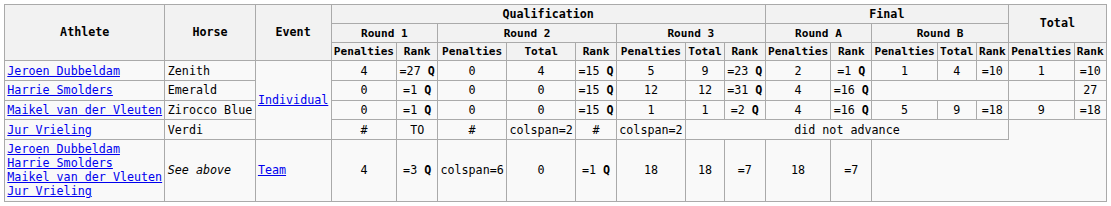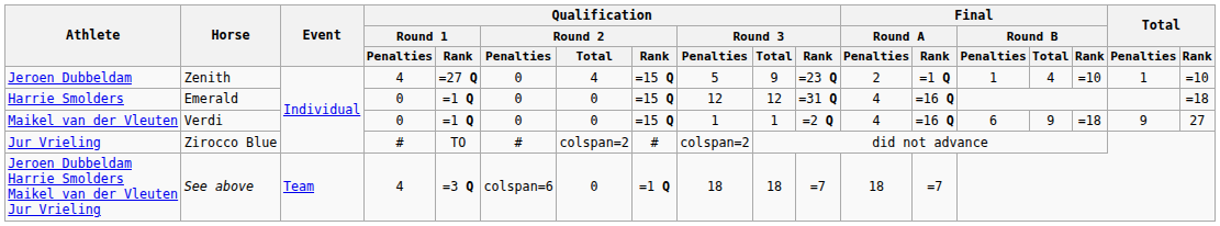 <table class="wikitable" style="font-size:90%">
 <tr>
 <th rowspan=3>Athlete</th>
 <th rowspan=3>Horse</th>
 <th rowspan=3>Event</th>
 <th colspan=8>Qualification</th>
 <th colspan=5>Final</th>
 <th rowspan=2 colspan=2>Total</th>
 </tr>
 <tr style="font-size:95%">
 <th colspan=2>Round 1</th>
 <th colspan=3>Round 2</th>
 <th colspan=3>Round 3</th>
 <th colspan=2>Round A</th>
 <th colspan=3>Round B</th>
 </tr>
 <tr style="font-size:95%">
 <th>Penalties</th>
 <th>Rank</th>
 <th>Penalties</th>
 <th>Total</th>
 <th>Rank</th>
 <th>Penalties</th>
 <th>Total</th>
 <th>Rank</th>
 <th>Penalties</th>
 <th>Rank</th>
 <th>Penalties</th>
 <th>Total</th>
 <th>Rank</th>
 <th>Penalties</th>
 <th>Rank</th>
 </tr>
 <tr align=center>
 <td align=left><a href='#'>Jeroen Dubbeldam</a></td>
 <td align=left>Zenith</td>
 <td align=left rowspan=4><a href='#'>Individual</a></td>
 <td>4</td>
 <td>=27 <strong>Q</strong></td>
 <td>0</td>
 <td>4</td>
 <td>=15 <strong>Q</strong></td>
 <td>5</td>
 <td>9</td>
 <td>=23 <strong>Q</strong></td>
 <td>2</td>
 <td>=1 <strong>Q</strong></td>
 <td>1</td>
 <td>4</td>
 <td>=10</td>
 <td>1</td>
 <td>=10</td>
 </tr>
 <tr align=center>
 <td align=left><a href='#'>Harrie Smolders</a></td>
 <td align=left>Emerald</td>
 <td>0</td>
 <td>=1 <strong>Q</strong></td>
 <td>0</td>
 <td>0</td>
 <td>=15 <strong>Q</strong></td>
 <td>12</td>
 <td>12</td>
 <td>=31 <strong>Q</strong></td>
 <td>4</td>
 <td>=16 <strong>Q</strong></td>
 <td colspan=3></td>
 <td></td>
-<td>27</td>
+<td>=18</td>
 </tr>
 <tr align=center>
 <td align=left><a href='#'>Maikel van der Vleuten</a></td>
-<td align=left>Zirocco Blue</td>
+<td align=left>Verdi</td>
 <td>0</td>
 <td>=1 <strong>Q</strong></td>
 <td>0</td>
 <td>0</td>
 <td>=15 <strong>Q</strong></td>
 <td>1</td>
 <td>1</td>
 <td>=2 <strong>Q</strong></td>
 <td>4</td>
 <td>=16 <strong>Q</strong></td>
-<td>5</td>
+<td>6</td>
 <td>9</td>
 <td>=18</td>
 <td>9</td>
-<td>=18</td>
+<td>27</td>
 </tr>
 <tr align=center>
 <td align=left><a href='#'>Jur Vrieling</a></td>
-<td align=left>Verdi</td>
+<td align=left>Zirocco Blue</td>
 <td> #</td>
 <td>TO</td>
 <td> #</td>
 <td>colspan=2 </td>
 <td> #</td>
 <td>colspan=2 </td>
 <td colspan=7>did not advance</td>
 </tr>
 <tr align=center>
 <td align=left><a href='#'>Jeroen Dubbeldam</a><br><a href='#'>Harrie Smolders</a><br><a href='#'>Maikel van der Vleuten</a><br><a href='#'>Jur Vrieling</a></td>
 <td align=left><em>See above</em></td>
 <td align=left><a href='#'>Team</a></td>
 <td>4</td>
 <td>=3 <strong>Q</strong></td>
 <td>colspan=6 </td>
 <td>0</td>
 <td>=1 <strong>Q</strong></td>
 <td>18</td>
 <td>18</td>
 <td>=7</td>
 <td>18</td>
 <td>=7</td>
 </tr>
 </table>
